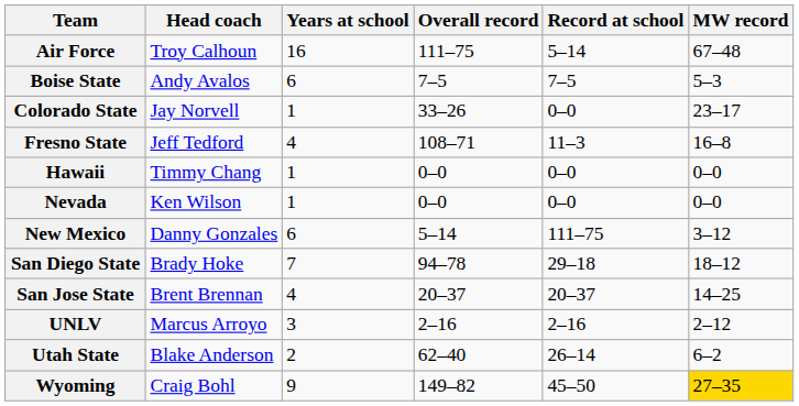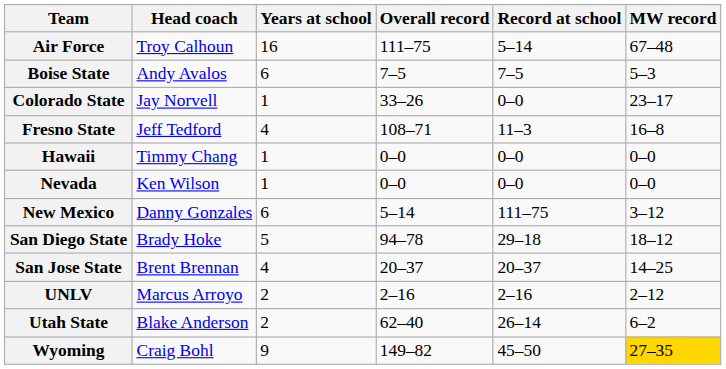 <table class="wikitable sortable" style "text-align:center">
 <tr>
 <th style="width:110px;">Team</th>
 <th>Head coach</th>
 <th>Years at school</th>
 <th>Overall record</th>
 <th>Record at school</th>
 <th>MW record</th>
 </tr>
 <tr>
 <th>Air Force</th>
 <td><a href='#'>Troy Calhoun</a></td>
 <td>16</td>
 <td>111–75</td>
 <td>5–14</td>
 <td>67–48</td>
 </tr>
 <tr>
 <th>Boise State</th>
 <td><a href='#'>Andy Avalos</a></td>
 <td>6</td>
 <td>7–5</td>
 <td>7–5</td>
 <td>5–3</td>
 </tr>
 <tr>
 <th>Colorado State</th>
 <td><a href='#'>Jay Norvell</a></td>
 <td>1</td>
 <td>33–26</td>
 <td>0–0</td>
 <td>23–17</td>
 </tr>
 <tr>
 <th>Fresno State</th>
 <td><a href='#'>Jeff Tedford</a></td>
 <td>4</td>
 <td>108–71</td>
 <td>11–3</td>
 <td>16–8</td>
 </tr>
 <tr>
 <th>Hawaii</th>
 <td><a href='#'>Timmy Chang</a></td>
 <td>1</td>
 <td>0–0</td>
 <td>0–0</td>
 <td>0–0</td>
 </tr>
 <tr>
 <th>Nevada</th>
 <td><a href='#'>Ken Wilson</a></td>
 <td>1</td>
 <td>0–0</td>
 <td>0–0</td>
 <td>0–0</td>
 </tr>
 <tr>
 <th>New Mexico</th>
 <td><a href='#'>Danny Gonzales</a></td>
 <td>6</td>
 <td>5–14</td>
 <td>111–75</td>
 <td>3–12</td>
 </tr>
 <tr>
 <th>San Diego State</th>
 <td><a href='#'>Brady Hoke</a></td>
-<td>7</td>
+<td>5</td>
 <td>94–78</td>
 <td>29–18</td>
 <td>18–12</td>
 </tr>
 <tr>
 <th>San Jose State</th>
 <td><a href='#'>Brent Brennan</a></td>
 <td>4</td>
 <td>20–37</td>
 <td>20–37</td>
 <td>14–25</td>
 </tr>
 <tr>
 <th>UNLV</th>
 <td><a href='#'>Marcus Arroyo</a></td>
-<td>3</td>
+<td>2</td>
 <td>2–16</td>
 <td>2–16</td>
 <td>2–12</td>
 </tr>
 <tr>
 <th>Utah State</th>
 <td><a href='#'>Blake Anderson</a></td>
 <td>2</td>
 <td>62–40</td>
 <td>26–14</td>
 <td>6–2</td>
 </tr>
 <tr>
 <th>Wyoming</th>
 <td><a href='#'>Craig Bohl</a></td>
 <td>9</td>
 <td>149–82</td>
 <td>45–50</td>
 <td style="background: gold;">27–35</td>
 </tr>
 </table>
